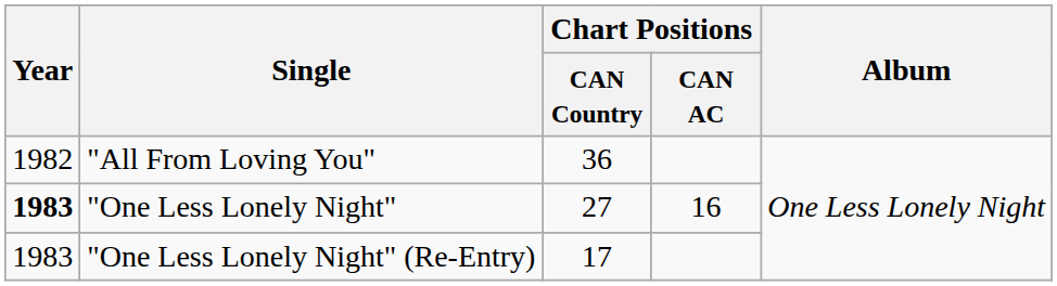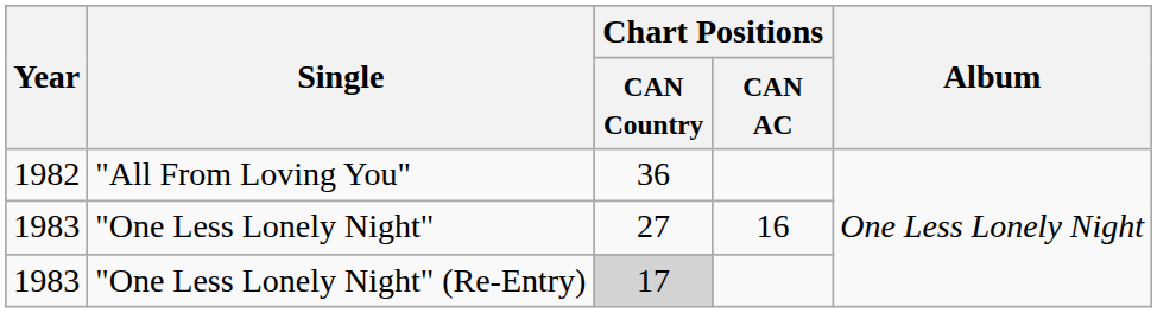 <table class="wikitable">
 <tr>
 <th rowspan="2">Year</th>
 <th rowspan="2">Single</th>
 <th colspan="2">Chart Positions</th>
 <th rowspan="2">Album</th>
 </tr>
 <tr>
 <th width="50"><small>CAN Country</small></th>
 <th width="50"><small>CAN AC</small></th>
 </tr>
 <tr>
 <td>1982</td>
 <td>"All From Loving You"</td>
 <td align="center">36</td>
 <td></td>
 <td rowspan="3"><em>One Less Lonely Night</em></td>
 </tr>
 <tr>
-<td><strong>1983</strong></td>
+<td>1983</td>
 <td>"One Less Lonely Night"</td>
 <td align="center">27</td>
 <td align="center">16</td>
 </tr>
 <tr>
 <td>1983</td>
 <td>"One Less Lonely Night" (Re-Entry)</td>
-<td align="center">17</td>
+<td align="center" style="background: lightgrey;">17</td>
 <td align="center"></td>
 </tr>
 </table>
